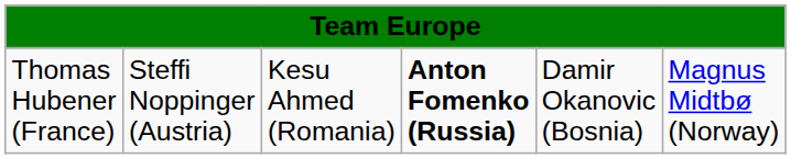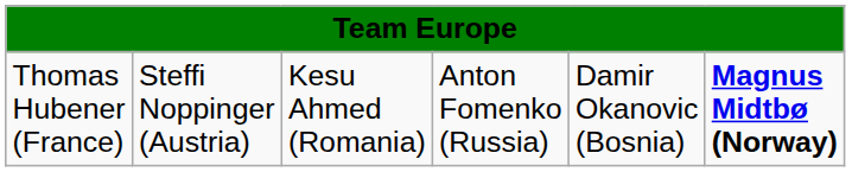 <table class="wikitable" style="width:40%; text-align=center;">
 <tr>
 <th colspan="6" style="background:green;">Team Europe</th>
 </tr>
 <tr>
 <td style="width:10%;">Thomas Hubener (France)</td>
 <td style="width:10%;">Steffi Noppinger (Austria)</td>
 <td style="width:10%;">Kesu Ahmed (Romania)</td>
-<td style="width:10%;"><strong>Anton Fomenko (Russia)</strong></td>
+<td style="width:10%;">Anton Fomenko (Russia)</td>
 <td style="width:10%;">Damir Okanovic (Bosnia)</td>
-<td style="width:10%;"><a href='#'>Magnus Midtbø</a> (Norway)</td>
+<td style="width:10%;"><strong><a href='#'>Magnus Midtbø</a> (Norway)</strong></td>
 </tr>
 </table>
